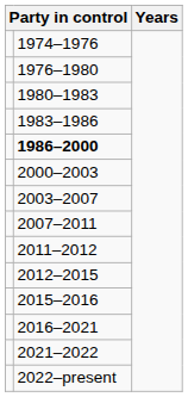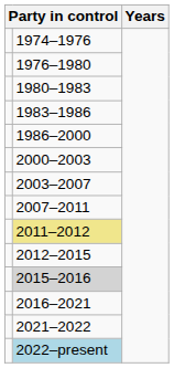 <table class="wikitable">
 <tr>
 <th colspan=2>Party in control</th>
 <th>Years</th>
 </tr>
 <tr>
 <td></td>
 <td>1974–1976</td>
 </tr>
 <tr>
 <td></td>
 <td>1976–1980</td>
 </tr>
 <tr>
 <td></td>
 <td>1980–1983</td>
 </tr>
 <tr>
 <td></td>
 <td>1983–1986</td>
 </tr>
 <tr>
 <td></td>
-<td><strong>1986–2000</strong></td>
+<td>1986–2000</td>
 </tr>
 <tr>
 <td></td>
 <td>2000–2003</td>
 </tr>
 <tr>
 <td></td>
 <td>2003–2007</td>
 </tr>
 <tr>
 <td></td>
 <td>2007–2011</td>
 </tr>
 <tr>
 <td></td>
-<td>2011–2012</td>
+<td style="background: khaki;">2011–2012</td>
 </tr>
 <tr>
 <td></td>
 <td>2012–2015</td>
 </tr>
 <tr>
 <td></td>
-<td>2015–2016</td>
+<td style="background: lightgrey;">2015–2016</td>
 </tr>
 <tr>
 <td></td>
 <td>2016–2021</td>
 </tr>
 <tr>
 <td></td>
 <td>2021–2022</td>
 </tr>
 <tr>
 <td></td>
-<td>2022–present</td>
+<td style="background: lightblue;">2022–present</td>
 </tr>
 </table>
